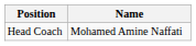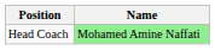 <table class="wikitable" style="font-size:99%; text-align:left;" width="30%">
 <tr>
 <th>Position</th>
 <th>Name</th>
 </tr>
 <tr>
 <td>Head Coach</td>
-<td> Mohamed Amine Naffati</td>
+<td style="background: lightgreen;"> Mohamed Amine Naffati</td>
 </tr>
 </table>
